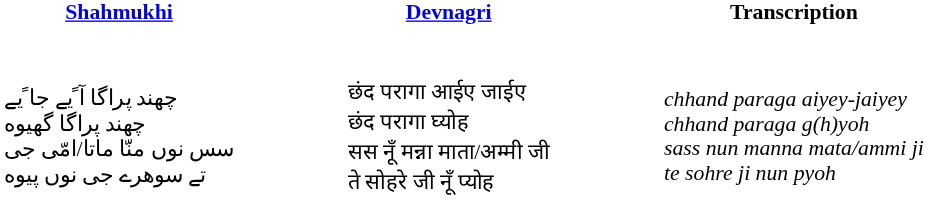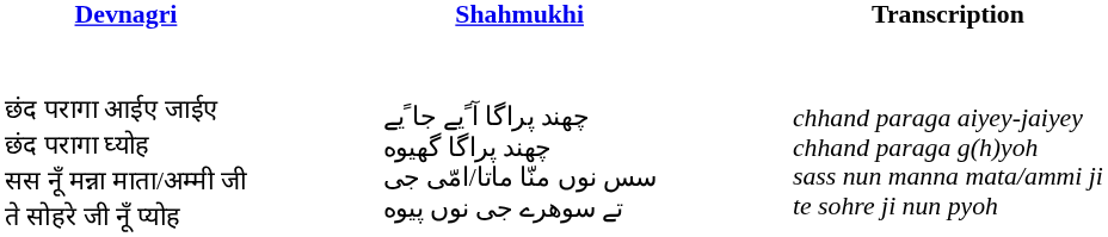 <table>
 <tr>
+<th><a href='#'>Devnagri</a></th>
 <th><a href='#'>Shahmukhi</a></th>
-<th><a href='#'>Devnagri</a></th>
 <th>Transcription</th>
 </tr>
 <tr>
+<td><br><blockquote> छंद परागा आईए जाईए<br> छंद परागा घ्योह<br> सस नूँ मन्ना माता/अम्मी जी<br> ते सोहरे जी नूँ प्योह<br> </blockquote></td>
 <td><br><blockquote> چهند پراگا آ ًیے جا ًیے<br> چهند پراگا گهیوه<br> سس نوں منّا ماتا/امّی جی<br> تے سوهرے جی نوں پیوه<br> </blockquote></td>
-<td><br><blockquote> छंद परागा आईए जाईए<br> छंद परागा घ्योह<br> सस नूँ मन्ना माता/अम्मी जी<br> ते सोहरे जी नूँ प्योह<br> </blockquote></td>
 <td><br><blockquote> <em>chhand paraga aiyey-jaiyey</em><br> <em>chhand paraga g(h)yoh</em><br> <em>sass nun manna mata/ammi ji</em><br> <em>te sohre ji nun pyoh</em><br> </blockquote></td>
 </tr>
 </table>
